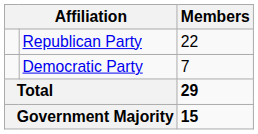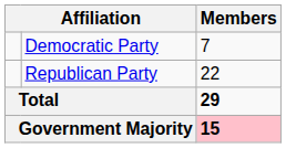 <table class="wikitable">
 <tr>
 <th colspan="2">Affiliation</th>
 <th>Members</th>
 </tr>
 <tr>
 <td style="background-color:"> </td>
-<td><a href='#'>Republican Party</a></td>
-<td>22</td>
+<td><a href='#'>Democratic Party</a></td>
+<td>7</td>
 </tr>
 <tr>
 <td style="background-color:"> </td>
-<td><a href='#'>Democratic Party</a></td>
-<td>7</td>
+<td><a href='#'>Republican Party</a></td>
+<td>22</td>
 </tr>
 <tr>
 <th colspan="2" style="text-align:left">  Total</th>
 <td><strong>29</strong></td>
 </tr>
 <tr>
 <th colspan="2" style="text-align:left">  Government Majority</th>
-<td><strong>15</strong></td>
+<td style="background: pink;"><strong>15</strong></td>
 </tr>
 </table>
